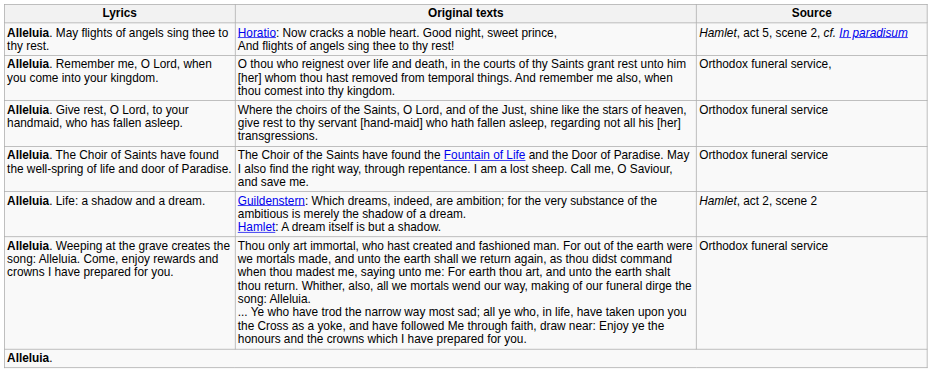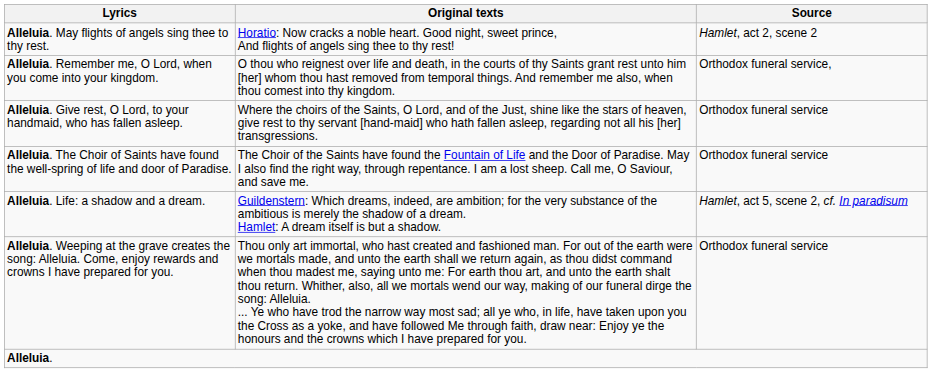 <table class=wikitable>
 <tr>
 <th width=25%>Lyrics</th>
 <th width=50%>Original texts</th>
 <th width=25%>Source</th>
 </tr>
 <tr valign=top>
 <td><strong>Alleluia</strong>. May flights of angels sing thee to thy rest.</td>
 <td><a href='#'>Horatio</a>: Now cracks a noble heart. Good night, sweet prince,<br>And flights of angels sing thee to thy rest!</td>
-<td><em>Hamlet</em>, act 5, scene 2, <em>cf.</em> <em><a href='#'>In paradisum</a></em></td>
+<td><em>Hamlet</em>, act 2, scene 2</td>
 </tr>
 <tr valign=top>
 <td><strong>Alleluia</strong>. Remember me, O Lord, when you come into your kingdom.</td>
 <td>O thou who reignest over life and death, in the courts of thy Saints grant rest unto him [her] whom thou hast removed from temporal things. And remember me also, when thou comest into thy kingdom.</td>
 <td>Orthodox funeral service, </td>
 </tr>
 <tr valign=top>
 <td><strong>Alleluia</strong>. Give rest, O Lord, to your handmaid, who has fallen asleep.</td>
 <td>Where the choirs of the Saints, O Lord, and of the Just, shine like the stars of heaven, give rest to thy servant [hand-maid] who hath fallen asleep, regarding not all his [her] transgressions.</td>
 <td>Orthodox funeral service</td>
 </tr>
 <tr valign=top>
 <td><strong>Alleluia</strong>. The Choir of Saints have found the well-spring of life and door of Paradise.</td>
 <td>The Choir of the Saints have found the <a href='#'>Fountain of Life</a> and the Door of Paradise. May I also find the right way, through repentance. I am a lost sheep. Call me, O Saviour, and save me.</td>
 <td>Orthodox funeral service</td>
 </tr>
 <tr valign=top>
 <td><strong>Alleluia</strong>. Life: a shadow and a dream.</td>
 <td><a href='#'>Guildenstern</a>: Which dreams, indeed, are ambition; for the very substance of the ambitious is merely the shadow of a dream.<br><a href='#'>Hamlet</a>: A dream itself is but a shadow.</td>
-<td><em>Hamlet</em>, act 2, scene 2</td>
+<td><em>Hamlet</em>, act 5, scene 2, <em>cf.</em> <em><a href='#'>In paradisum</a></em></td>
 </tr>
 <tr valign=top>
 <td><strong>Alleluia</strong>. Weeping at the grave creates the song: Alleluia. Come, enjoy rewards and crowns I have prepared for you.</td>
 <td>Thou only art immortal, who hast created and fashioned man. For out of the earth were we mortals made, and unto the earth shall we return again, as thou didst command when thou madest me, saying unto me: For earth thou art, and unto the earth shalt thou return. Whither, also, all we mortals wend our way, making of our funeral dirge the song: Alleluia.<br>... Ye who have trod the narrow way most sad; all ye who, in life, have taken upon you the Cross as a yoke, and have followed Me through faith, draw near: Enjoy ye the honours and the crowns which I have prepared for you.</td>
 <td>Orthodox funeral service</td>
 </tr>
 <tr valign=top>
 <td colspan=3><strong>Alleluia</strong>.</td>
 </tr>
 </table>
